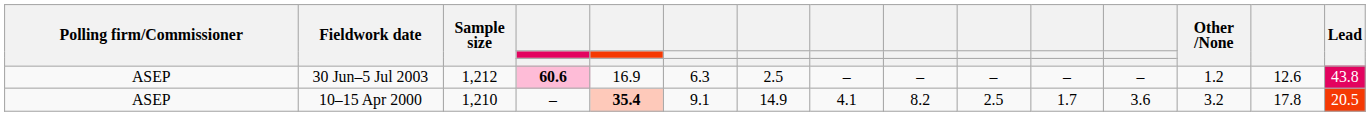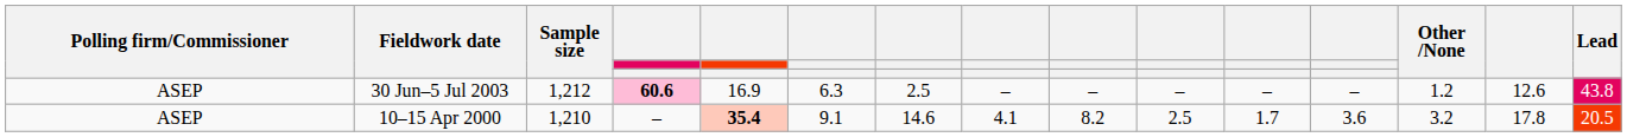 <table class="wikitable collapsible collapsed" style="text-align:center; font-size:90%; line-height:14px;">
 <tr style="height:42px;">
 <th style="width:260px;" rowspan="3">Polling firm/Commissioner</th>
 <th style="width:125px;" rowspan="3">Fieldwork date</th>
 <th style="width:60px;" rowspan="3">Sample size</th>
 <th style="width:60px;"></th>
 <th style="width:60px;"></th>
 <th style="width:60px;"></th>
 <th style="width:60px;"></th>
 <th style="width:60px;"></th>
 <th style="width:60px;"></th>
 <th style="width:60px;"></th>
 <th style="width:60px;"></th>
 <th style="width:60px;"></th>
 <th style="width:60px;" rowspan="3">Other<br>/None</th>
 <th style="width:60px;" rowspan="3"></th>
 <th style="width:30px;" rowspan="3">Lead</th>
 </tr>
 <tr>
 <th style="color:inherit;background:#E3035F;"></th>
 <th style="color:inherit;background:#F53903;"></th>
 <th style="color:inherit;background:"></th>
 <th style="color:inherit;background:"></th>
 <th style="color:inherit;background:"></th>
 <th style="color:inherit;background:"></th>
 <th style="color:inherit;background:"></th>
 <th style="color:inherit;background:"></th>
 <th style="color:inherit;background:"></th>
 </tr>
 <tr>
 <th></th>
 <th></th>
 <th></th>
 <th></th>
 <th></th>
 <th></th>
 <th></th>
 <th></th>
 <th></th>
 </tr>
 <tr>
 <td>ASEP</td>
 <td>30 Jun–5 Jul 2003</td>
 <td>1,212</td>
 <td style="color:inherit;background:#FEBCD7;"><strong>60.6</strong></td>
 <td>16.9</td>
 <td>6.3</td>
 <td>2.5</td>
 <td>–</td>
 <td>–</td>
 <td>–</td>
 <td>–</td>
 <td>–</td>
 <td>1.2</td>
 <td>12.6</td>
 <td style="color:inherit;background:#E3035F; color:white;">43.8</td>
 </tr>
 <tr>
 <td>ASEP</td>
 <td>10–15 Apr 2000</td>
 <td>1,210</td>
 <td>–</td>
 <td style="color:inherit;background:#FEC9BA;"><strong>35.4</strong></td>
 <td>9.1</td>
-<td>14.9</td>
+<td>14.6</td>
 <td>4.1</td>
 <td>8.2</td>
 <td>2.5</td>
 <td>1.7</td>
 <td>3.6</td>
 <td>3.2</td>
 <td>17.8</td>
 <td style="color:inherit;background:#F53903; color:white;">20.5</td>
 </tr>
 </table>
